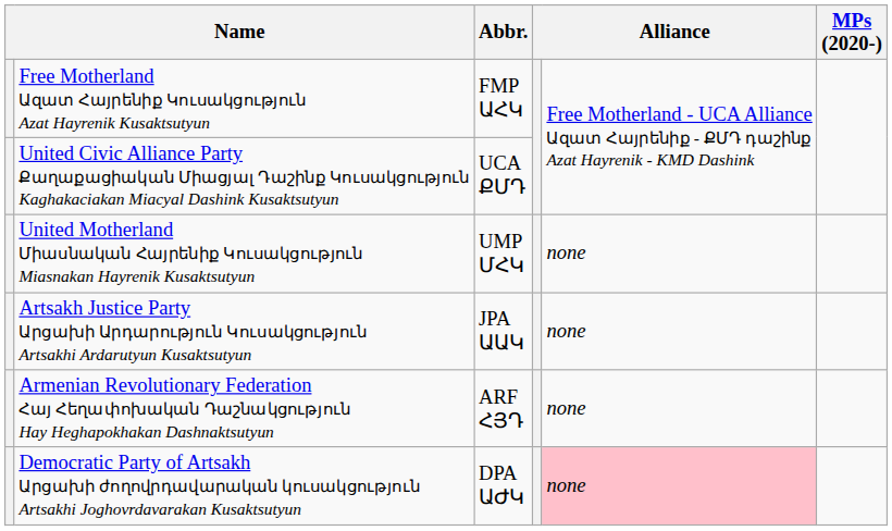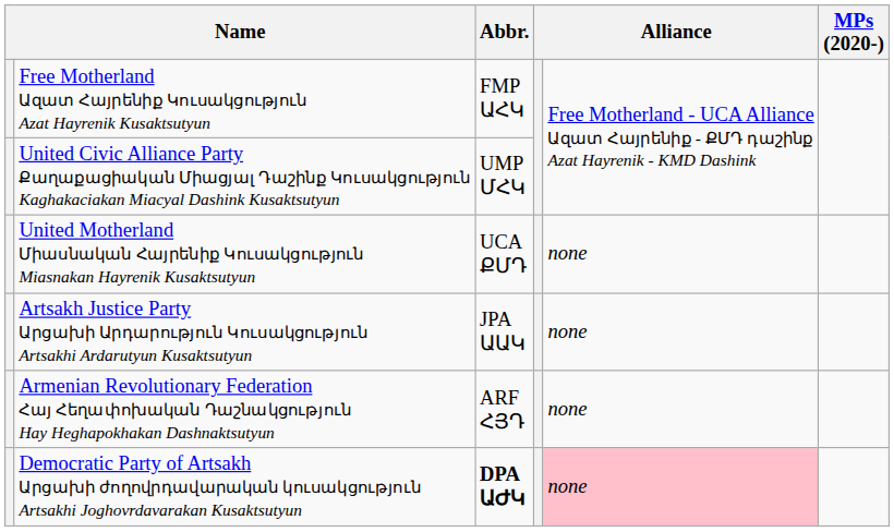 <table class="wikitable">
 <tr>
 <th colspan="2">Name</th>
 <th>Abbr.</th>
 <th colspan="2">Alliance</th>
 <th><a href='#'>MPs</a><br>(2020-)</th>
 </tr>
 <tr>
 <th style="background-color: "></th>
 <td><a href='#'>Free Motherland</a><br><small>Ազատ Հայրենիք Կուսակցություն</small><br><small><em>Azat Hayrenik Kusaktsutyun</em></small></td>
 <td>FMP<br>ԱՀԿ</td>
 <th rowspan="2" style="background-color: "></th>
 <td rowspan="2"><a href='#'>Free Motherland - UCA Alliance</a><br><small>Ազատ Հայրենիք - ՔՄԴ դաշինք</small><br><small><em>Azat Hayrenik - KMD Dashink</em></small></td>
 <td rowspan="2"></td>
 </tr>
 <tr>
 <th style="background-color: "></th>
 <td><a href='#'>United Civic Alliance Party</a><br><small>Քաղաքացիական Միացյալ Դաշինք Կուսակցություն</small><br><small><em>Kaghakaciakan Miacyal Dashink Kusaktsutyun</em></small></td>
-<td>UCA<br>ՔՄԴ</td>
+<td>UMP<br>ՄՀԿ</td>
 </tr>
 <tr>
 <th style="background-color: "></th>
 <td><a href='#'>United Motherland</a><br><small>Միասնական Հայրենիք Կուսակցություն</small><br><small><em>Miasnakan Hayrenik Kusaktsutyun</em></small></td>
-<td>UMP<br>ՄՀԿ</td>
+<td>UCA<br>ՔՄԴ</td>
 <th></th>
 <td><em>none</em></td>
 <td></td>
 </tr>
 <tr>
 <th style="background-color: "></th>
 <td><a href='#'>Artsakh Justice Party</a><br><small>Արցախի Արդարություն Կուսակցություն</small><br><small><em>Artsakhi Ardarutyun Kusaktsutyun</em></small></td>
 <td>JPA<br>ԱԱԿ</td>
 <th></th>
 <td><em>none</em></td>
 <td></td>
 </tr>
 <tr>
 <th style="background-color: "></th>
 <td><a href='#'>Armenian Revolutionary Federation</a><br><small>Հայ Հեղափոխական Դաշնակցություն</small><br><small><em>Hay Heghapokhakan Dashnaktsutyun</em></small></td>
 <td>ARF<br>ՀՅԴ</td>
 <th></th>
 <td><em>none</em></td>
 <td></td>
 </tr>
 <tr>
 <th style="background-color: "></th>
 <td><a href='#'>Democratic Party of Artsakh</a><br><small>Արցախի ժողովրդավարական կուսակցություն</small><br><small><em>Artsakhi Joghovrdavarakan Kusaktsutyun</em></small></td>
-<td>DPA<br>ԱԺԿ</td>
+<td><strong>DPA<br>ԱԺԿ</strong></td>
 <th></th>
 <td style="background: pink;"><em>none</em></td>
 <td></td>
 </tr>
 </table>
